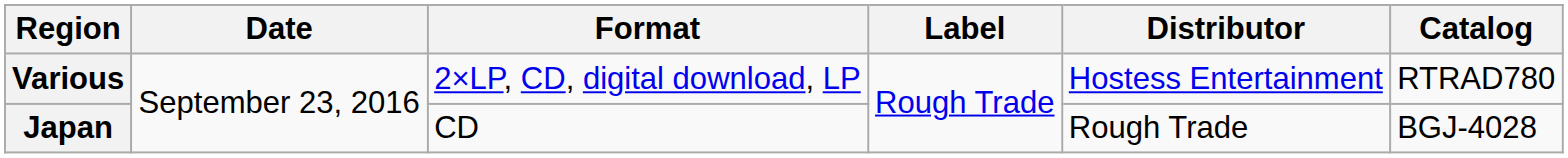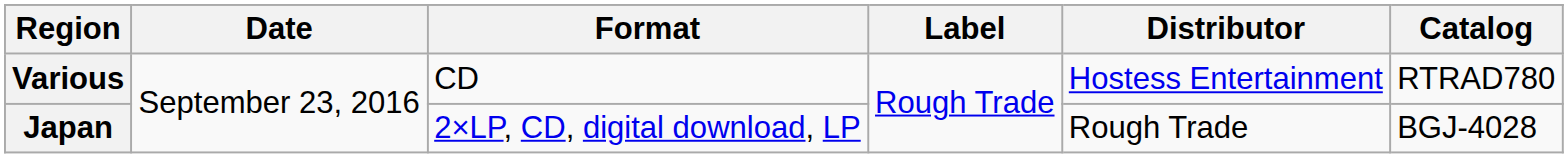 <table class="wikitable plainrowheaders" style="text-align:left">
 <tr>
 <th scope="col">Region</th>
 <th scope="col">Date</th>
 <th scope="col">Format</th>
 <th scope="col">Label</th>
 <th scope="col">Distributor</th>
 <th scope="col">Catalog</th>
 </tr>
 <tr>
 <th scope="row">Various</th>
 <td rowspan="2">September 23, 2016</td>
-<td><a href='#'>2×LP</a>, <a href='#'>CD</a>, <a href='#'>digital download</a>, <a href='#'>LP</a></td>
+<td>CD</td>
 <td rowspan="2"><a href='#'>Rough Trade</a></td>
 <td><a href='#'>Hostess Entertainment</a></td>
 <td>RTRAD780</td>
 </tr>
 <tr>
 <th scope="row">Japan</th>
-<td>CD</td>
+<td><a href='#'>2×LP</a>, <a href='#'>CD</a>, <a href='#'>digital download</a>, <a href='#'>LP</a></td>
 <td>Rough Trade</td>
 <td>BGJ-4028</td>
 </tr>
 </table>
